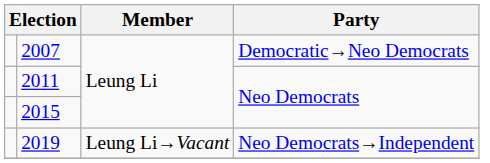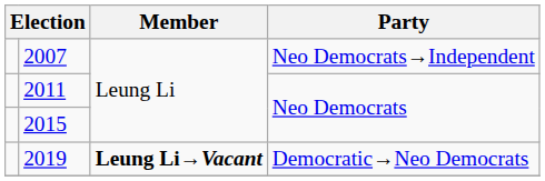 <table class="wikitable">
 <tr>
 <th colspan="2">Election</th>
 <th>Member</th>
 <th>Party</th>
 </tr>
 <tr>
 <td style="background-color: "></td>
 <td><a href='#'>2007</a></td>
 <td rowspan=3>Leung Li</td>
-<td><a href='#'>Democratic</a>→<a href='#'>Neo Democrats</a></td>
+<td><a href='#'>Neo Democrats</a>→<a href='#'>Independent</a></td>
 </tr>
 <tr>
 <td style="background-color: "></td>
 <td><a href='#'>2011</a></td>
 <td rowspan=2><a href='#'>Neo Democrats</a></td>
 </tr>
 <tr>
 <td style="background-color: "></td>
 <td><a href='#'>2015</a></td>
 </tr>
 <tr>
 <td style="background-color: "></td>
 <td><a href='#'>2019</a></td>
-<td>Leung Li→<em>Vacant</em></td>
-<td><a href='#'>Neo Democrats</a>→<a href='#'>Independent</a></td>
+<td><strong>Leung Li→<em>Vacant</em></strong></td>
+<td><a href='#'>Democratic</a>→<a href='#'>Neo Democrats</a></td>
 </tr>
 <tr>
 </tr>
 </table>
